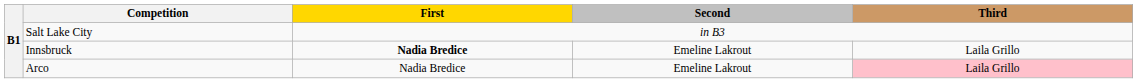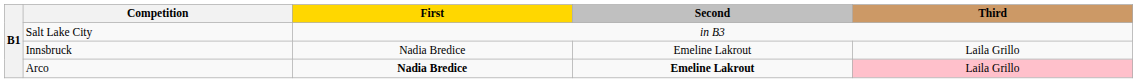 <table class="wikitable" style="text-align:center;">
 <tr>
 <th rowspan="4" width="1%">B1</th>
 <th width="24%">Competition</th>
 <th width="25%" style="background: gold">First</th>
 <th width="25%" style="background: silver">Second</th>
 <th width="25%" style="background: #cc9966">Third</th>
 </tr>
 <tr>
 <td style="text-align:left"> Salt Lake City</td>
 <td colspan="3"><em>in B3</em></td>
 </tr>
 <tr>
 <td style="text-align:left"> Innsbruck</td>
-<td><strong> Nadia Bredice</strong></td>
+<td> Nadia Bredice</td>
 <td> Emeline Lakrout</td>
 <td> Laila Grillo</td>
 </tr>
 <tr>
 <td style="text-align:left"> Arco</td>
-<td> Nadia Bredice</td>
-<td> Emeline Lakrout</td>
+<td><strong> Nadia Bredice</strong></td>
+<td><strong> Emeline Lakrout</strong></td>
 <td style="background: pink;"> Laila Grillo</td>
 </tr>
 </table>
